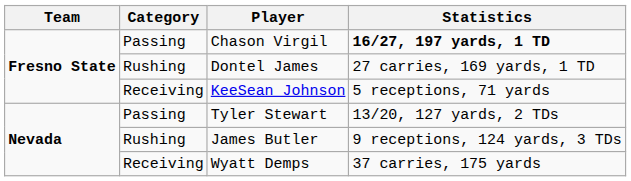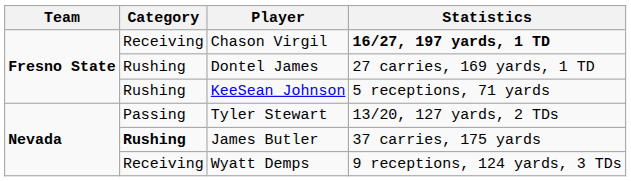 <table class="wikitable" style="float: left;">
 <tr>
 <th>Team</th>
 <th>Category</th>
 <th>Player</th>
 <th>Statistics</th>
 </tr>
 <tr>
 <td rowspan=3><strong>Fresno State</strong></td>
-<td>Passing</td>
+<td>Receiving</td>
 <td>Chason Virgil</td>
 <td><strong>16/27, 197 yards, 1 TD</strong></td>
 </tr>
 <tr>
 <td>Rushing</td>
 <td>Dontel James</td>
 <td>27 carries, 169 yards, 1 TD</td>
 </tr>
 <tr>
-<td>Receiving</td>
+<td>Rushing</td>
 <td><a href='#'>KeeSean Johnson</a></td>
 <td>5 receptions, 71 yards</td>
 </tr>
 <tr>
 <td rowspan=3><strong>Nevada</strong></td>
 <td>Passing</td>
 <td>Tyler Stewart</td>
 <td>13/20, 127 yards, 2 TDs</td>
 </tr>
 <tr>
-<td>Rushing</td>
+<td><strong>Rushing</strong></td>
 <td>James Butler</td>
-<td>9 receptions, 124 yards, 3 TDs</td>
+<td>37 carries, 175 yards</td>
 </tr>
 <tr>
 <td>Receiving</td>
 <td>Wyatt Demps</td>
-<td>37 carries, 175 yards</td>
+<td>9 receptions, 124 yards, 3 TDs</td>
 </tr>
 </table>
